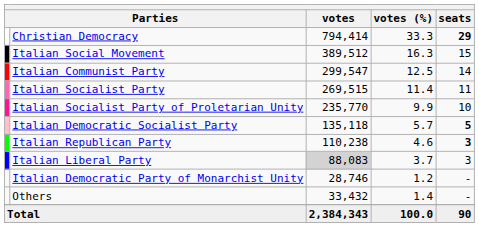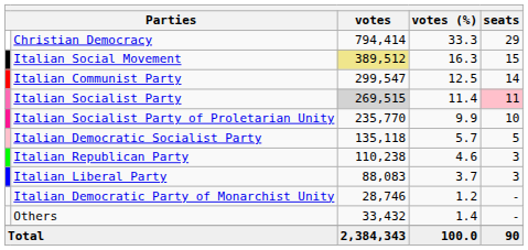 <table class="wikitable" style="font-size:95%">
 <tr>
 <th colspan=5></th>
 </tr>
 <tr bgcolor="EFEFEF"|->
 <th Colspan=2>Parties</th>
 <th>votes</th>
 <th>votes (%)</th>
 <th>seats</th>
 </tr>
 <tr>
 <td bgcolor=White></td>
 <td><a href='#'>Christian Democracy</a></td>
 <td align=right>794,414</td>
 <td align=right>33.3</td>
-<td align=right><strong>29</strong></td>
+<td align=right>29</td>
 </tr>
 <tr>
 <td bgcolor=Black></td>
 <td><a href='#'>Italian Social Movement</a></td>
-<td align=right>389,512</td>
+<td align=right style="background: khaki;">389,512</td>
 <td align=right>16.3</td>
 <td align=right>15</td>
 </tr>
 <tr>
 <td bgcolor=Red></td>
 <td><a href='#'>Italian Communist Party</a></td>
 <td align=right>299,547</td>
 <td align=right>12.5</td>
 <td align=right>14</td>
 </tr>
 <tr>
 <td bgcolor=Hotpink></td>
 <td><a href='#'>Italian Socialist Party</a></td>
-<td align=right>269,515</td>
+<td align=right style="background: lightgrey;">269,515</td>
 <td align=right>11.4</td>
-<td align=right>11</td>
+<td align=right style="background: pink;">11</td>
 </tr>
 <tr>
 <td bgcolor=Deeppink></td>
 <td><a href='#'>Italian Socialist Party of Proletarian Unity</a></td>
 <td align=right>235,770</td>
 <td align=right>9.9</td>
 <td align=right>10</td>
 </tr>
 <tr>
 <td bgcolor=Pink></td>
 <td><a href='#'>Italian Democratic Socialist Party</a></td>
 <td align=right>135,118</td>
 <td align=right>5.7</td>
-<td align=right><strong>5</strong></td>
+<td align=right>5</td>
 </tr>
 <tr>
 <td bgcolor=Lime></td>
 <td><a href='#'>Italian Republican Party</a></td>
 <td align=right>110,238</td>
 <td align=right>4.6</td>
-<td align=right><strong>3</strong></td>
+<td align=right>3</td>
 </tr>
 <tr>
 <td bgcolor=Blue></td>
 <td><a href='#'>Italian Liberal Party</a></td>
-<td align=right style="background: lightgrey;">88,083</td>
+<td align=right>88,083</td>
 <td align=right>3.7</td>
 <td align=right>3</td>
 </tr>
 <tr>
 <td bgcolor=></td>
 <td><a href='#'>Italian Democratic Party of Monarchist Unity</a></td>
 <td align=right>28,746</td>
 <td align=right>1.2</td>
 <td align=right>-</td>
 </tr>
 <tr>
 <td bgcolor=></td>
 <td>Others</td>
 <td align=right>33,432</td>
 <td align=right>1.4</td>
 <td align=right>-</td>
 </tr>
 <tr>
 </tr>
 <tr bgcolor="EFEFEF">
 <td colspan=2><strong>Total</strong></td>
 <td align=right><strong>2,384,343</strong></td>
 <td align=right><strong>100.0</strong></td>
 <td align=right><strong>90</strong></td>
 </tr>
 </table>
